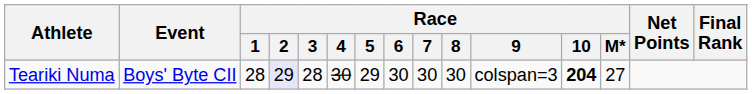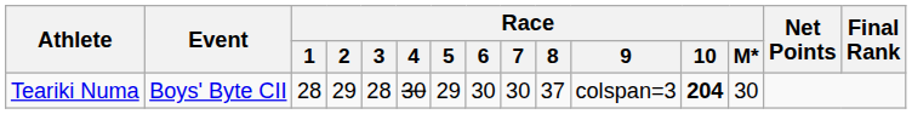 <table class="wikitable" style="font-size:90%">
 <tr>
 <th rowspan="2">Athlete</th>
 <th rowspan="2">Event</th>
 <th colspan=11>Race</th>
 <th rowspan=2>Net<br>Points</th>
 <th rowspan=2>Final <br>Rank</th>
 </tr>
 <tr style="font-size:95%">
 <th>1</th>
 <th>2</th>
 <th>3</th>
 <th>4</th>
 <th>5</th>
 <th>6</th>
 <th>7</th>
 <th>8</th>
 <th>9</th>
 <th>10</th>
 <th>M*</th>
 </tr>
 <tr align=center>
 <td align=left><a href='#'>Teariki Numa</a></td>
 <td align=left><a href='#'>Boys' Byte CII</a></td>
 <td>28</td>
-<td style="background: lavender;">29</td>
+<td>29</td>
 <td>28</td>
 <td><s>30</s></td>
 <td>29</td>
 <td>30</td>
 <td>30</td>
-<td>30</td>
+<td>37</td>
 <td>colspan=3 </td>
 <td><strong>204</strong></td>
-<td>27</td>
+<td>30</td>
 </tr>
 </table>
